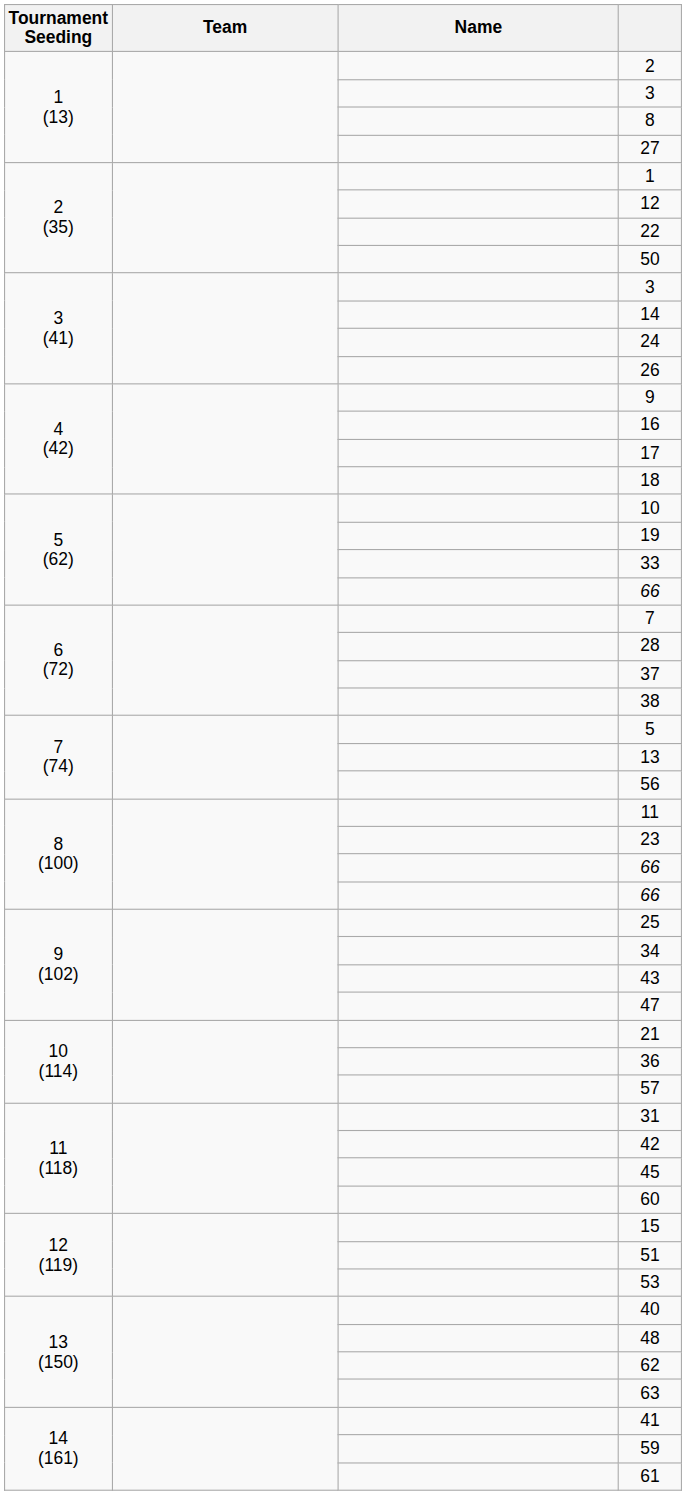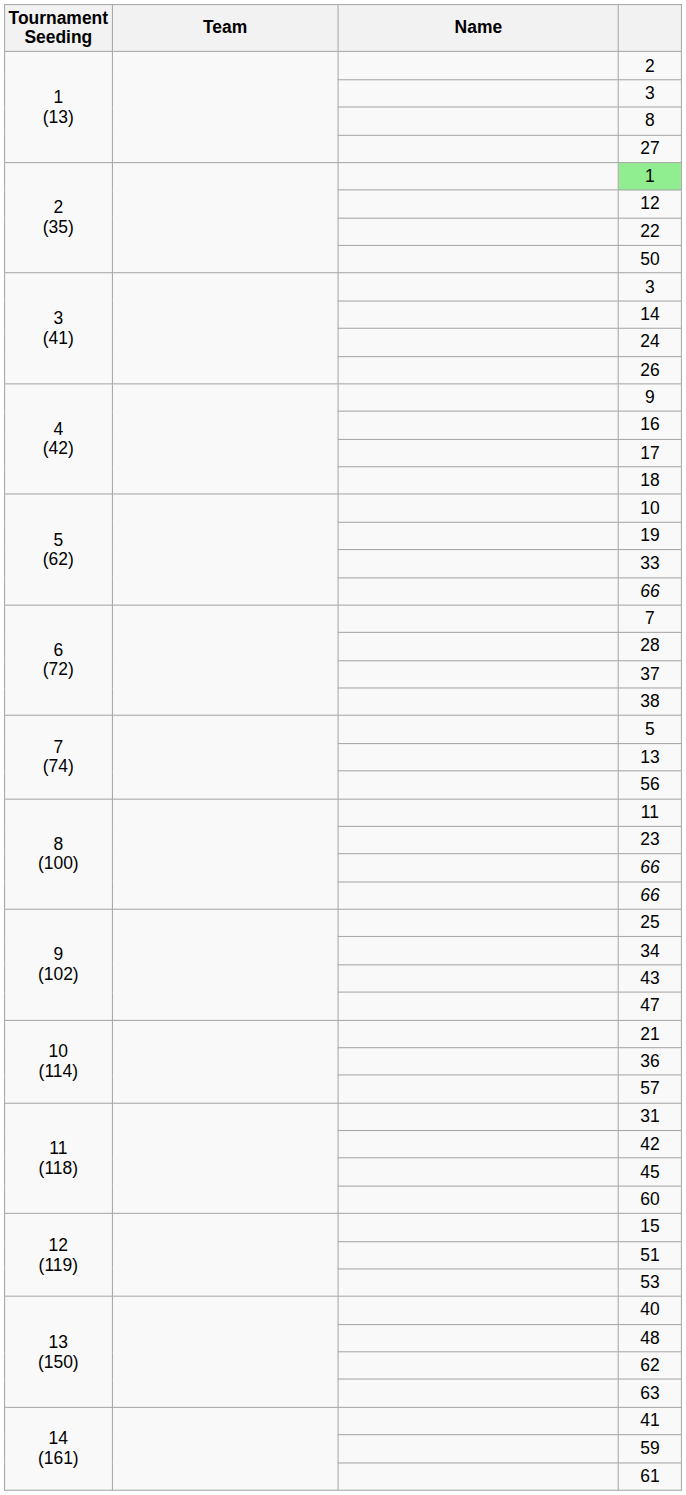 <table class="wikitable" style="text-align:center">
 <tr>
 <th width="50">Tournament Seeding</th>
 <th width="200">Team</th>
 <th width="250">Name</th>
 <th width="50"></th>
 </tr>
 <tr>
 <td rowspan="4">1<br>(13)</td>
 <td rowspan="4" align="left"></td>
 <td align="left"></td>
 <td>2</td>
 </tr>
 <tr>
 <td align="left"></td>
 <td>3</td>
 </tr>
 <tr>
 <td align="left"></td>
 <td>8</td>
 </tr>
 <tr>
 <td align="left"></td>
 <td>27</td>
 </tr>
 <tr>
 <td rowspan="4">2<br>(35)</td>
 <td rowspan="4" align="left"></td>
 <td align="left"></td>
-<td>1</td>
+<td style="background: lightgreen;">1</td>
 </tr>
 <tr>
 <td align="left"></td>
 <td>12</td>
 </tr>
 <tr>
 <td align="left"></td>
 <td>22</td>
 </tr>
 <tr>
 <td align="left"></td>
 <td>50</td>
 </tr>
 <tr>
 <td rowspan="4">3<br>(41)</td>
 <td rowspan="4" align="left"></td>
 <td align="left"></td>
 <td>3</td>
 </tr>
 <tr>
 <td align="left"></td>
 <td>14</td>
 </tr>
 <tr>
 <td align="left"></td>
 <td>24</td>
 </tr>
 <tr>
 <td align="left"></td>
 <td>26</td>
 </tr>
 <tr>
 <td rowspan="4">4<br>(42)</td>
 <td rowspan="4" align="left"></td>
 <td align="left"></td>
 <td>9</td>
 </tr>
 <tr>
 <td align="left"></td>
 <td>16</td>
 </tr>
 <tr>
 <td align="left"></td>
 <td>17</td>
 </tr>
 <tr>
 <td align="left"></td>
 <td>18</td>
 </tr>
 <tr>
 <td rowspan="4">5<br>(62)</td>
 <td rowspan="4" align="left"></td>
 <td align="left"></td>
 <td>10</td>
 </tr>
 <tr>
 <td align="left"></td>
 <td>19</td>
 </tr>
 <tr>
 <td align="left"></td>
 <td>33</td>
 </tr>
 <tr>
 <td align="left"><em></em></td>
 <td><em>66</em></td>
 </tr>
 <tr>
 <td rowspan="4">6<br>(72)</td>
 <td rowspan="4" align="left"></td>
 <td align="left"></td>
 <td>7</td>
 </tr>
 <tr>
 <td align="left"></td>
 <td>28</td>
 </tr>
 <tr>
 <td align="left"></td>
 <td>37</td>
 </tr>
 <tr>
 <td align="left"></td>
 <td>38</td>
 </tr>
 <tr>
 <td rowspan="3">7<br>(74)</td>
 <td rowspan="3" align="left"></td>
 <td align="left"></td>
 <td>5</td>
 </tr>
 <tr>
 <td align="left"></td>
 <td>13</td>
 </tr>
 <tr>
 <td align="left"></td>
 <td>56</td>
 </tr>
 <tr>
 <td rowspan="4">8<br>(100)</td>
 <td rowspan="4" align="left"></td>
 <td align="left"></td>
 <td>11</td>
 </tr>
 <tr>
 <td align="left"></td>
 <td>23</td>
 </tr>
 <tr>
 <td align="left"><em></em></td>
 <td><em>66</em></td>
 </tr>
 <tr>
 <td align="left"><em></em></td>
 <td><em>66</em></td>
 </tr>
 <tr>
 <td rowspan="4">9<br>(102)</td>
 <td rowspan="4" align="left"></td>
 <td align="left"></td>
 <td>25</td>
 </tr>
 <tr>
 <td align="left"></td>
 <td>34</td>
 </tr>
 <tr>
 <td align="left"></td>
 <td>43</td>
 </tr>
 <tr>
 <td align="left"></td>
 <td>47</td>
 </tr>
 <tr>
 <td rowspan="3">10<br>(114)</td>
 <td rowspan="3" align="left"></td>
 <td align="left"></td>
 <td>21</td>
 </tr>
 <tr>
 <td align="left"></td>
 <td>36</td>
 </tr>
 <tr>
 <td align="left"></td>
 <td>57</td>
 </tr>
 <tr>
 <td rowspan="4">11<br>(118)</td>
 <td rowspan="4" align="left"></td>
 <td align="left"></td>
 <td>31</td>
 </tr>
 <tr>
 <td align="left"></td>
 <td>42</td>
 </tr>
 <tr>
 <td align="left"></td>
 <td>45</td>
 </tr>
 <tr>
 <td align="left"></td>
 <td>60</td>
 </tr>
 <tr>
 <td rowspan="3">12<br>(119)</td>
 <td rowspan="3" align="left"></td>
 <td align="left"></td>
 <td>15</td>
 </tr>
 <tr>
 <td align="left"></td>
 <td>51</td>
 </tr>
 <tr>
 <td align="left"></td>
 <td>53</td>
 </tr>
 <tr>
 <td rowspan="4">13<br>(150)</td>
 <td rowspan="4" align="left"></td>
 <td align="left"></td>
 <td>40</td>
 </tr>
 <tr>
 <td align="left"></td>
 <td>48</td>
 </tr>
 <tr>
 <td align="left"></td>
 <td>62</td>
 </tr>
 <tr>
 <td align="left"></td>
 <td>63</td>
 </tr>
 <tr>
 <td rowspan="3">14<br>(161)</td>
 <td rowspan="3" align="left"></td>
 <td align="left"></td>
 <td>41</td>
 </tr>
 <tr>
 <td align="left"></td>
 <td>59</td>
 </tr>
 <tr>
 <td align="left"></td>
 <td>61</td>
 </tr>
 </table>
